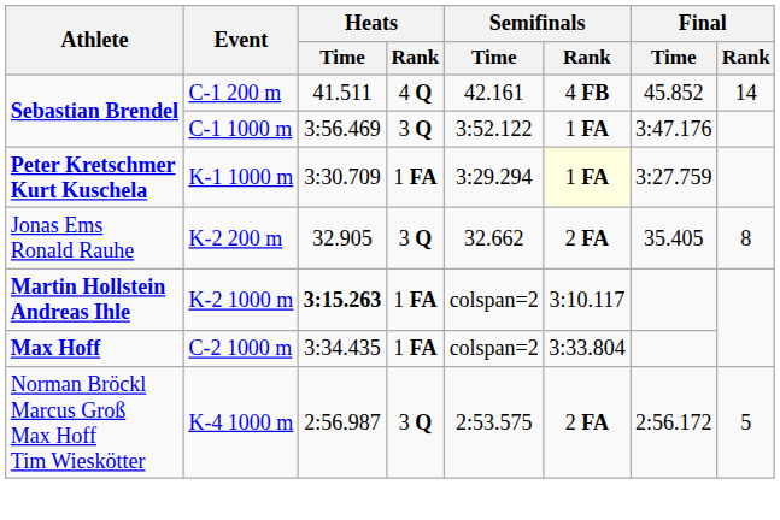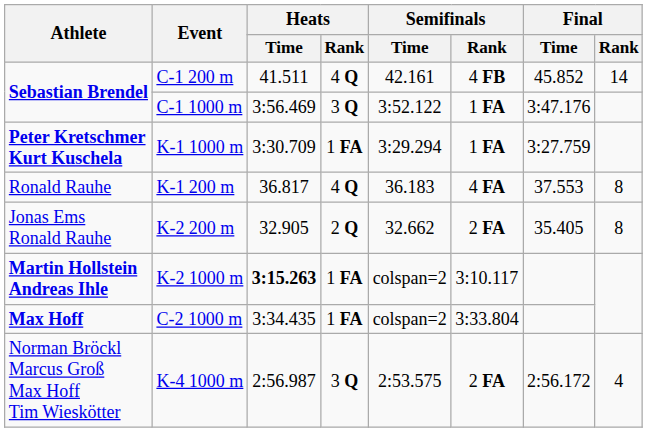 <table class="wikitable" style="font-size:90%">
 <tr>
 <th rowspan="2">Athlete</th>
 <th rowspan="2">Event</th>
 <th colspan=2>Heats</th>
 <th colspan=2>Semifinals</th>
 <th colspan=2>Final</th>
 </tr>
 <tr style="font-size:95%">
 <th>Time</th>
 <th>Rank</th>
 <th>Time</th>
 <th>Rank</th>
 <th>Time</th>
 <th>Rank</th>
 </tr>
 <tr align=center>
 <td align=left rowspan=2><strong><a href='#'>Sebastian Brendel</a></strong></td>
 <td align=left><a href='#'>C-1 200 m</a></td>
 <td>41.511</td>
 <td>4 <strong>Q</strong></td>
 <td>42.161</td>
 <td>4 <strong>FB</strong></td>
 <td>45.852</td>
 <td>14</td>
 </tr>
 <tr align=center>
 <td align=left><a href='#'>C-1 1000 m</a></td>
 <td>3:56.469</td>
 <td>3 <strong>Q</strong></td>
 <td>3:52.122</td>
 <td>1 <strong>FA</strong></td>
 <td>3:47.176</td>
 <td></td>
 </tr>
 <tr align=center>
 <td align=left><strong><a href='#'>Peter Kretschmer</a><br><a href='#'>Kurt Kuschela</a></strong></td>
 <td align=left><a href='#'>K-1 1000 m</a></td>
 <td>3:30.709</td>
 <td>1 <strong>FA</strong></td>
 <td>3:29.294</td>
-<td style="background: lightyellow;">1 <strong>FA</strong></td>
+<td>1 <strong>FA</strong></td>
 <td>3:27.759</td>
 <td></td>
+</tr>
+<tr align=center>
+<td align=left><a href='#'>Ronald Rauhe</a></td>
+<td align=left><a href='#'>K-1 200 m</a></td>
+<td>36.817</td>
+<td>4 <strong>Q</strong></td>
+<td>36.183</td>
+<td>4 <strong>FA</strong></td>
+<td>37.553</td>
+<td>8</td>
 </tr>
 <tr align=center>
 <td align=left><a href='#'>Jonas Ems</a><br><a href='#'>Ronald Rauhe</a></td>
 <td align=left><a href='#'>K-2 200 m</a></td>
 <td>32.905</td>
-<td>3 <strong>Q</strong></td>
+<td>2 <strong>Q</strong></td>
 <td>32.662</td>
 <td>2 <strong>FA</strong></td>
 <td>35.405</td>
 <td>8</td>
 </tr>
 <tr align=center>
 <td align=left><strong><a href='#'>Martin Hollstein</a><br><a href='#'>Andreas Ihle</a></strong></td>
 <td align=left><a href='#'>K-2 1000 m</a></td>
 <td><strong>3:15.263</strong></td>
 <td>1 <strong>FA</strong></td>
 <td>colspan=2 </td>
 <td>3:10.117</td>
 <td></td>
 </tr>
 <tr align=center>
 <td align=left><strong><a href='#'>Max Hoff</a></strong></td>
 <td align=left><a href='#'>C-2 1000 m</a></td>
 <td>3:34.435</td>
 <td>1 <strong>FA</strong></td>
 <td>colspan=2 </td>
 <td>3:33.804</td>
 <td></td>
 </tr>
 <tr align=center>
 <td align=left><a href='#'>Norman Bröckl</a><br><a href='#'>Marcus Groß</a><br><a href='#'>Max Hoff</a><br><a href='#'>Tim Wieskötter</a></td>
 <td align=left><a href='#'>K-4 1000 m</a></td>
 <td>2:56.987</td>
 <td>3 <strong>Q</strong></td>
 <td>2:53.575</td>
 <td>2 <strong>FA</strong></td>
 <td>2:56.172</td>
-<td>5</td>
+<td>4</td>
 </tr>
 </table>
